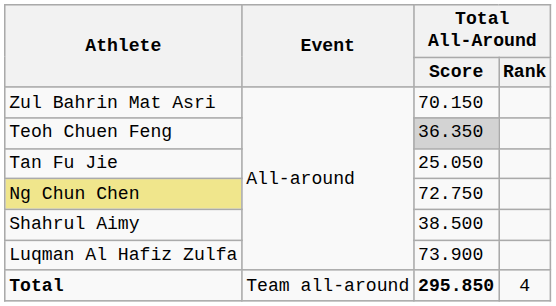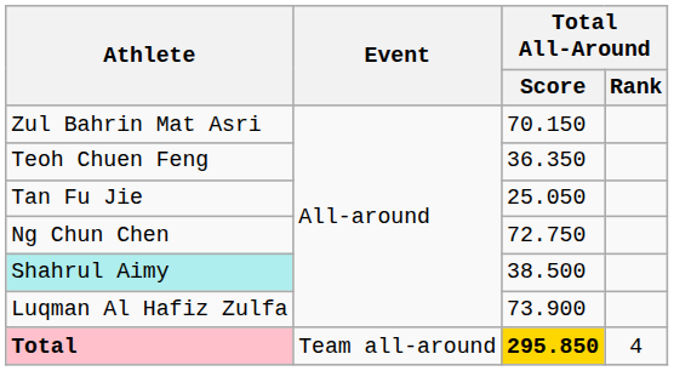 <table class="wikitable" style="font-size: 90%">
 <tr>
 <th rowspan="2">Athlete</th>
 <th rowspan="2">Event</th>
 <th colspan="2">Total<br>All-Around</th>
 </tr>
 <tr>
 <th>Score</th>
 <th>Rank</th>
 </tr>
 <tr>
 <td>Zul Bahrin Mat Asri</td>
 <td rowspan="6">All-around</td>
 <td>70.150</td>
 <td align="center"></td>
 </tr>
 <tr>
 <td>Teoh Chuen Feng</td>
-<td style="background: lightgrey;">36.350</td>
+<td>36.350</td>
 <td align="center"></td>
 </tr>
 <tr>
 <td>Tan Fu Jie</td>
 <td>25.050</td>
 <td align="center"></td>
 </tr>
 <tr>
-<td style="background: khaki;">Ng Chun Chen</td>
+<td>Ng Chun Chen</td>
 <td>72.750</td>
 <td align="center"></td>
 </tr>
 <tr>
-<td>Shahrul Aimy</td>
+<td style="background: paleturquoise;">Shahrul Aimy</td>
 <td>38.500</td>
 <td align="center"></td>
 </tr>
 <tr>
 <td>Luqman Al Hafiz Zulfa</td>
 <td>73.900</td>
 <td align="center"></td>
 </tr>
 <tr>
-<td><strong>Total</strong></td>
+<td style="background: pink;"><strong>Total</strong></td>
 <td>Team all-around</td>
-<td><strong>295.850</strong></td>
+<td style="background: gold;"><strong>295.850</strong></td>
 <td align="center">4</td>
 </tr>
 </table>
